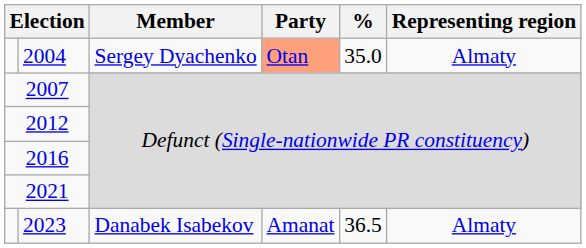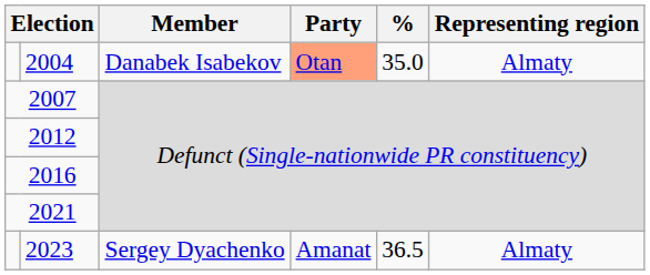 <table class="wikitable">
 <tr>
 <th colspan="2">Election</th>
 <th>Member</th>
 <th>Party</th>
 <th>%</th>
 <th>Representing region</th>
 </tr>
 <tr>
 <td style="background-color: "></td>
 <td><a href='#'>2004</a></td>
-<td><a href='#'>Sergey Dyachenko</a></td>
+<td><a href='#'>Danabek Isabekov</a></td>
 <td style="background: lightsalmon;"><a href='#'>Otan</a></td>
 <td align="right">35.0</td>
 <td align="center"><a href='#'>Almaty</a></td>
 </tr>
 <tr>
 <td colspan="2" align="center"><a href='#'>2007</a></td>
 <td colspan="4" rowspan="4" style="background-color:#DCDCDC"  align=center><em>Defunct (<a href='#'>Single-nationwide PR constituency</a>)</em></td>
 </tr>
 <tr>
 <td colspan="2" align="center"><a href='#'>2012</a></td>
 </tr>
 <tr>
 <td colspan="2" align="center"><a href='#'>2016</a></td>
 </tr>
 <tr>
 <td colspan="2" align="center"><a href='#'>2021</a></td>
 </tr>
 <tr>
 <td style="background-color: "></td>
 <td><a href='#'>2023</a></td>
-<td><a href='#'>Danabek Isabekov</a></td>
+<td><a href='#'>Sergey Dyachenko</a></td>
 <td><a href='#'>Amanat</a></td>
 <td align="right">36.5</td>
 <td align="center"><a href='#'>Almaty</a></td>
 </tr>
 </table>
